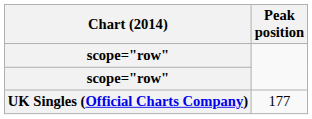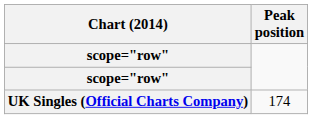 <table class="wikitable sortable plainrowheaders">
 <tr>
 <th>Chart (2014)</th>
 <th>Peak<br>position</th>
 </tr>
 <tr>
 <th>scope="row" </th>
 </tr>
 <tr>
 <th>scope="row" </th>
 </tr>
 <tr>
 <th scope="row">UK Singles (<a href='#'>Official Charts Company</a>)</th>
-<td style="text-align:center;">177</td>
+<td style="text-align:center;">174</td>
 </tr>
 </table>
